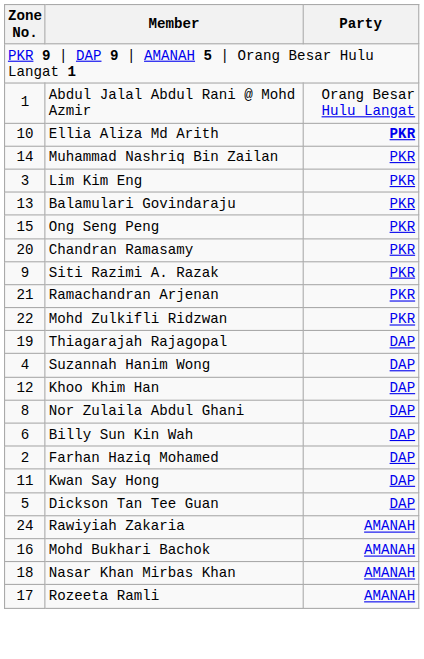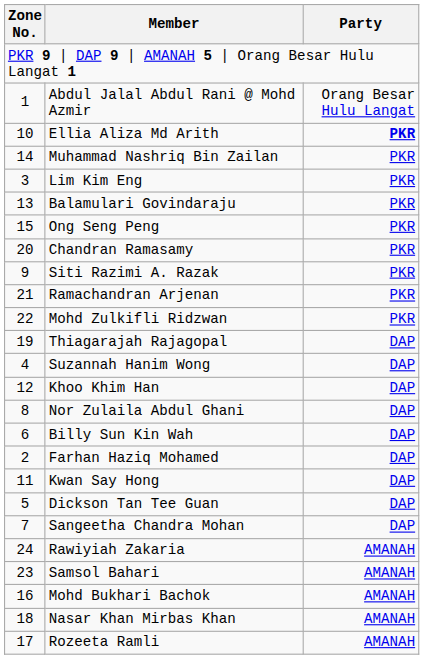 <table class="wikitable sortable">
 <tr>
 <th width="30">Zone No.</th>
 <th width="230">Member</th>
 <th width="100">Party</th>
 </tr>
 <tr>
 <td colspan="3"><a href='#'>PKR</a> <strong>9</strong> | <a href='#'>DAP</a> <strong>9</strong>  |  <a href='#'>AMANAH</a> <strong>5</strong> | Orang Besar Hulu Langat <strong>1</strong></td>
 </tr>
 <tr>
 <td align="center">1</td>
 <td>Abdul Jalal Abdul Rani @ Mohd Azmir</td>
 <td align="right">Orang Besar <a href='#'>Hulu Langat</a></td>
 </tr>
 <tr>
 <td align="center">10</td>
 <td>Ellia Aliza Md Arith</td>
 <td align="right"><strong><a href='#'>PKR</a></strong></td>
 </tr>
 <tr>
 <td align="center">14</td>
 <td>Muhammad Nashriq Bin Zailan</td>
 <td align="right"><a href='#'>PKR</a></td>
 </tr>
 <tr>
 <td align="center">3</td>
 <td>Lim Kim Eng</td>
 <td align="right"><a href='#'>PKR</a></td>
 </tr>
 <tr>
 <td align="center">13</td>
 <td>Balamulari Govindaraju</td>
 <td align="right"><a href='#'>PKR</a></td>
 </tr>
 <tr>
 <td align="center">15</td>
 <td>Ong Seng Peng</td>
 <td align="right"><a href='#'>PKR</a></td>
 </tr>
 <tr>
 <td align="center">20</td>
 <td>Chandran Ramasamy</td>
 <td align="right"><a href='#'>PKR</a></td>
 </tr>
 <tr>
 <td align="center">9</td>
 <td>Siti Razimi A. Razak</td>
 <td align="right"><a href='#'>PKR</a></td>
 </tr>
 <tr>
 <td align="center">21</td>
 <td>Ramachandran Arjenan</td>
 <td align="right"><a href='#'>PKR</a></td>
 </tr>
 <tr>
 <td align="center">22</td>
 <td>Mohd Zulkifli Ridzwan</td>
 <td align="right"><a href='#'>PKR</a></td>
 </tr>
 <tr>
 <td align="center">19</td>
 <td>Thiagarajah Rajagopal</td>
 <td align="right"><a href='#'>DAP</a></td>
 </tr>
 <tr>
 <td align="center">4</td>
 <td>Suzannah Hanim Wong</td>
 <td align="right"><a href='#'>DAP</a></td>
 </tr>
 <tr>
 <td align="center">12</td>
 <td>Khoo Khim Han</td>
 <td align="right"><a href='#'>DAP</a></td>
 </tr>
 <tr>
 <td align="center">8</td>
 <td>Nor Zulaila Abdul Ghani</td>
 <td align="right"><a href='#'>DAP</a></td>
 </tr>
 <tr>
 <td align="center">6</td>
 <td>Billy Sun Kin Wah</td>
 <td align="right"><a href='#'>DAP</a></td>
 </tr>
 <tr>
 <td align="center">2</td>
 <td>Farhan Haziq Mohamed</td>
 <td align="right"><a href='#'>DAP</a></td>
 </tr>
 <tr>
 <td align="center">11</td>
 <td>Kwan Say Hong</td>
 <td align="right"><a href='#'>DAP</a></td>
 </tr>
 <tr>
 <td align="center">5</td>
 <td>Dickson Tan Tee Guan</td>
 <td align="right"><a href='#'>DAP</a></td>
 </tr>
 <tr>
+<td align="center">7</td>
+<td>Sangeetha Chandra Mohan</td>
+<td align="right"><a href='#'>DAP</a></td>
+</tr>
+<tr>
 <td align="center">24</td>
 <td>Rawiyiah Zakaria</td>
+<td align="right"><a href='#'>AMANAH</a></td>
+</tr>
+<tr>
+<td align="center">23</td>
+<td>Samsol Bahari</td>
 <td align="right"><a href='#'>AMANAH</a></td>
 </tr>
 <tr>
 <td align="center">16</td>
 <td>Mohd Bukhari Bachok</td>
 <td align="right"><a href='#'>AMANAH</a></td>
 </tr>
 <tr>
 <td align="center">18</td>
 <td>Nasar Khan Mirbas Khan</td>
 <td align="right"><a href='#'>AMANAH</a></td>
 </tr>
 <tr>
 <td align="center">17</td>
 <td>Rozeeta Ramli</td>
 <td align="right"><a href='#'>AMANAH</a></td>
 </tr>
 </table>
